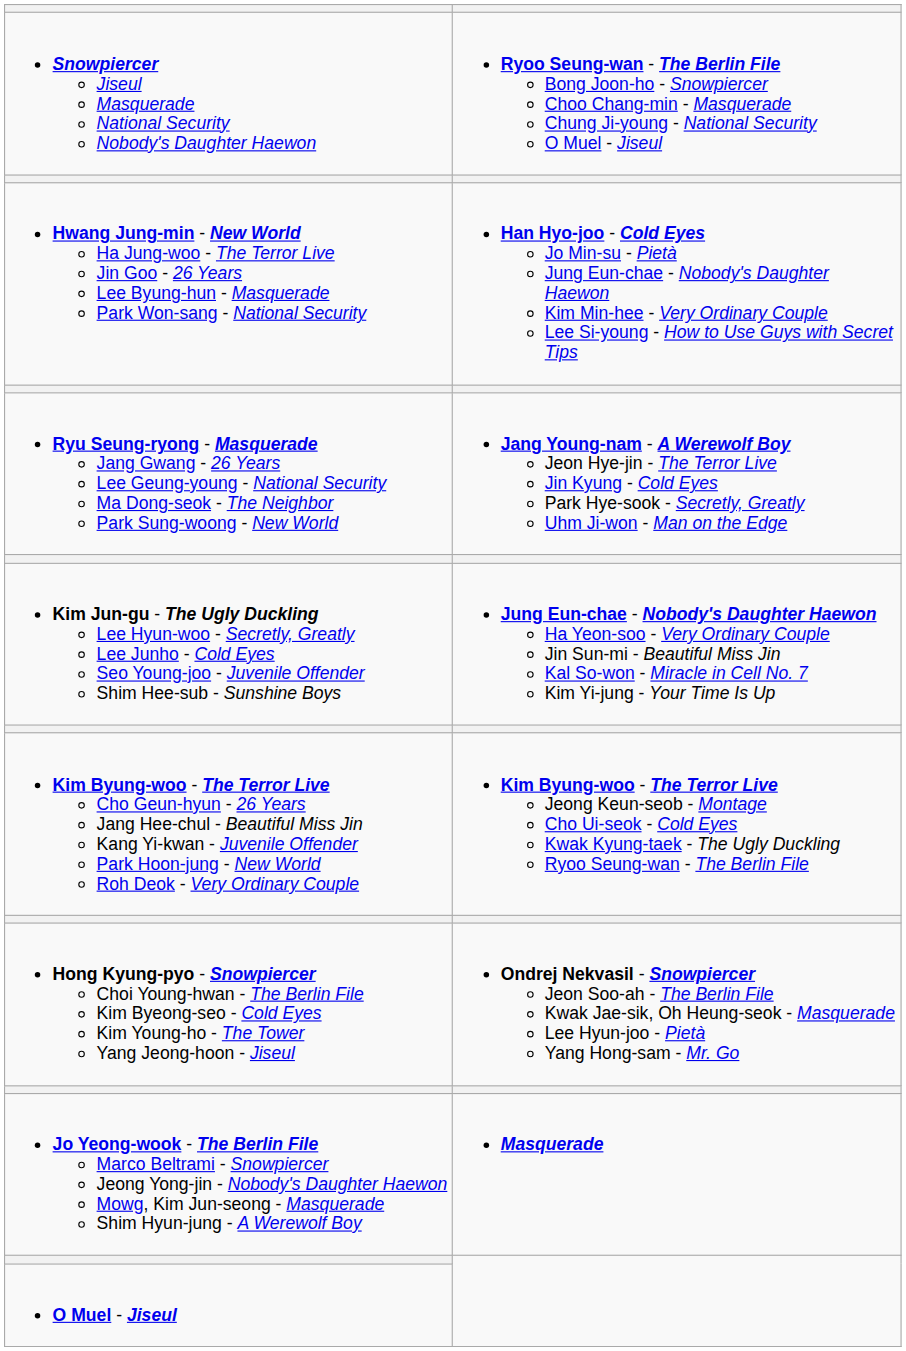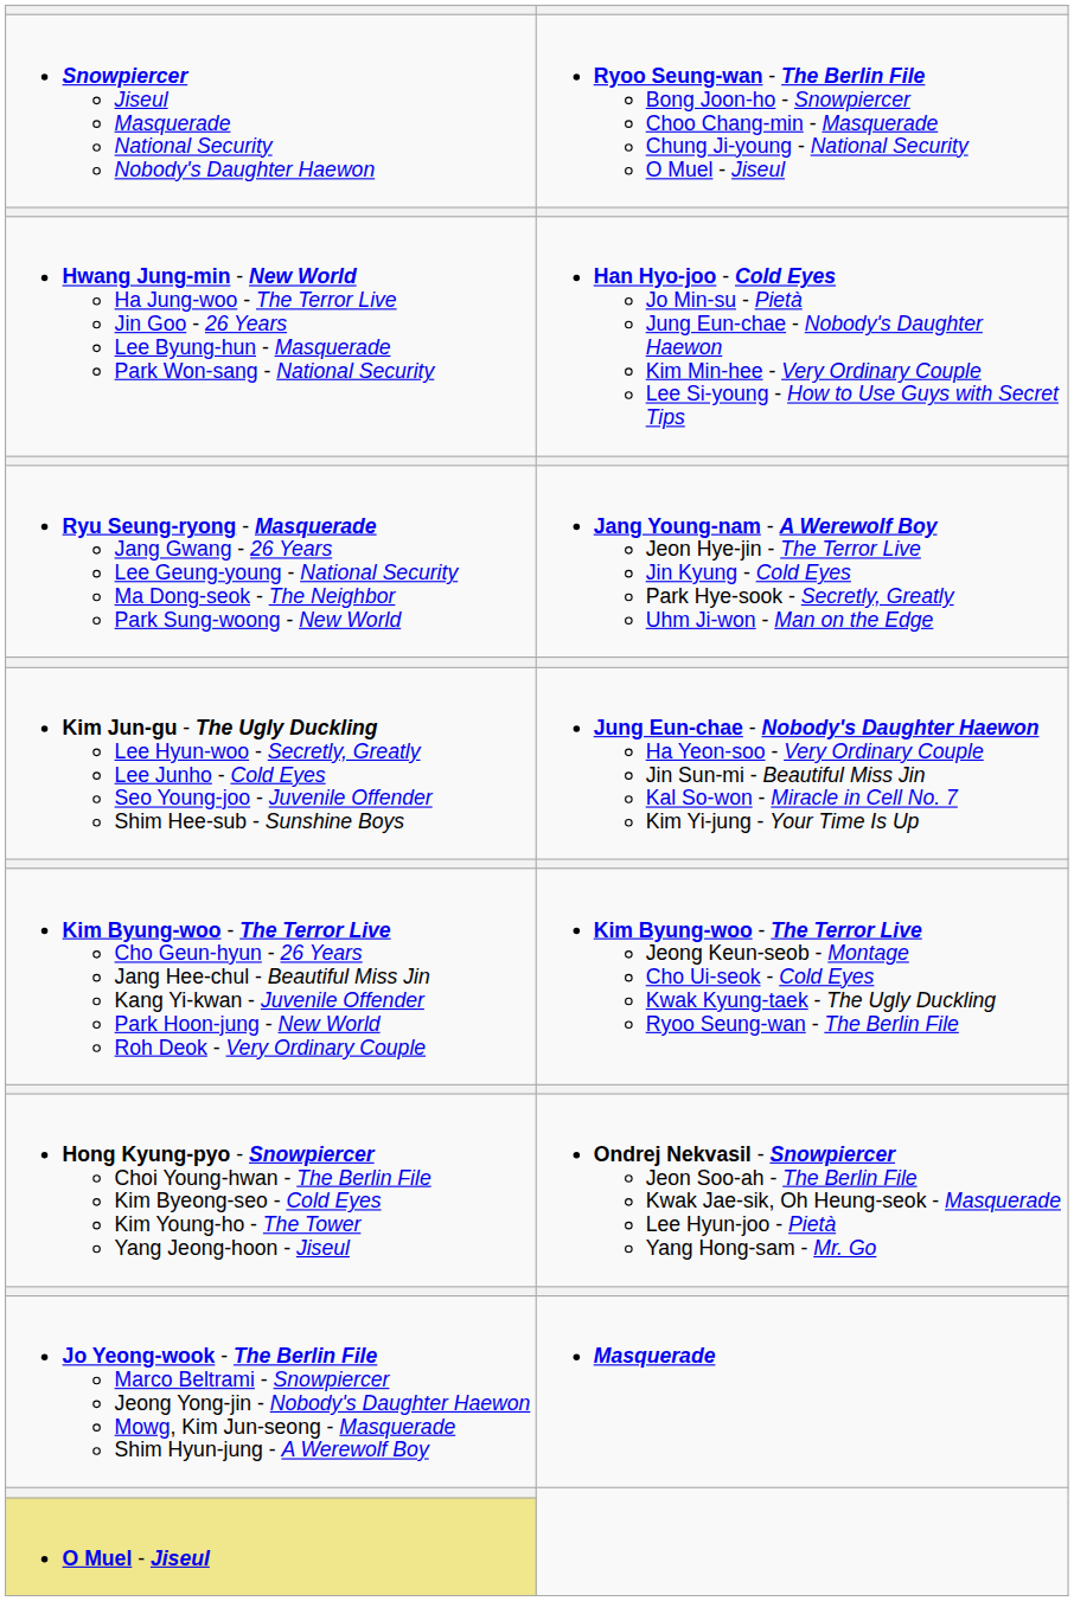 <table class="wikitable">
 <tr>
 <th style="width:400px;"></th>
 <th style="width:400px;"></th>
 </tr>
 <tr>
 <td valign="top"><br><ul><li><strong><em><a href='#'>Snowpiercer</a></em></strong><ul><li><em><a href='#'>Jiseul</a></em></li><li><em><a href='#'>Masquerade</a></em></li><li><em><a href='#'>National Security</a></em></li><li><em><a href='#'>Nobody's Daughter Haewon</a></em></li></ul></li></ul></td>
 <td valign="top"><br><ul><li><strong><a href='#'>Ryoo Seung-wan</a></strong> - <strong><em><a href='#'>The Berlin File</a></em></strong><ul><li><a href='#'>Bong Joon-ho</a> - <em><a href='#'>Snowpiercer</a></em></li><li><a href='#'>Choo Chang-min</a> - <em><a href='#'>Masquerade</a></em></li><li><a href='#'>Chung Ji-young</a> - <em><a href='#'>National Security</a></em></li><li><a href='#'>O Muel</a> - <em><a href='#'>Jiseul</a></em></li></ul></li></ul></td>
 </tr>
 <tr>
 <th></th>
 <th></th>
 </tr>
 <tr>
 <td valign="top"><br><ul><li><strong><a href='#'>Hwang Jung-min</a></strong> - <strong><em><a href='#'>New World</a></em></strong><ul><li><a href='#'>Ha Jung-woo</a> - <em><a href='#'>The Terror Live</a></em></li><li><a href='#'>Jin Goo</a> - <em><a href='#'>26 Years</a></em></li><li><a href='#'>Lee Byung-hun</a> - <em><a href='#'>Masquerade</a></em></li><li><a href='#'>Park Won-sang</a> - <em><a href='#'>National Security</a></em></li></ul></li></ul></td>
 <td valign="top"><br><ul><li><strong><a href='#'>Han Hyo-joo</a></strong> - <strong><em><a href='#'>Cold Eyes</a></em></strong><ul><li><a href='#'>Jo Min-su</a> - <em><a href='#'>Pietà</a></em></li><li><a href='#'>Jung Eun-chae</a> - <em><a href='#'>Nobody's Daughter Haewon</a></em></li><li><a href='#'>Kim Min-hee</a> - <em><a href='#'>Very Ordinary Couple</a></em></li><li><a href='#'>Lee Si-young</a> - <em><a href='#'>How to Use Guys with Secret Tips</a></em></li></ul></li></ul></td>
 </tr>
 <tr>
 <th></th>
 <th></th>
 </tr>
 <tr>
 <td valign="top"><br><ul><li><strong><a href='#'>Ryu Seung-ryong</a></strong> - <strong><em><a href='#'>Masquerade</a></em></strong><ul><li><a href='#'>Jang Gwang</a> - <em><a href='#'>26 Years</a></em></li><li><a href='#'>Lee Geung-young</a> - <em><a href='#'>National Security</a></em></li><li><a href='#'>Ma Dong-seok</a> - <em><a href='#'>The Neighbor</a></em></li><li><a href='#'>Park Sung-woong</a> - <em><a href='#'>New World</a></em></li></ul></li></ul></td>
 <td valign="top"><br><ul><li><strong><a href='#'>Jang Young-nam</a></strong> - <strong><em><a href='#'>A Werewolf Boy</a></em></strong><ul><li>Jeon Hye-jin - <em><a href='#'>The Terror Live</a></em></li><li><a href='#'>Jin Kyung</a> - <em><a href='#'>Cold Eyes</a></em></li><li>Park Hye-sook - <em><a href='#'>Secretly, Greatly</a></em></li><li><a href='#'>Uhm Ji-won</a> - <em><a href='#'>Man on the Edge</a></em></li></ul></li></ul></td>
 </tr>
 <tr>
 <th></th>
 <th></th>
 </tr>
 <tr>
 <td valign="top"><br><ul><li><strong>Kim Jun-gu</strong>  - <strong><em>The Ugly Duckling</em></strong><ul><li><a href='#'>Lee Hyun-woo</a> - <em><a href='#'>Secretly, Greatly</a></em></li><li><a href='#'>Lee Junho</a> - <em><a href='#'>Cold Eyes</a></em></li><li><a href='#'>Seo Young-joo</a> - <em><a href='#'>Juvenile Offender</a></em></li><li>Shim Hee-sub  - <em>Sunshine Boys</em></li></ul></li></ul></td>
 <td valign="top"><br><ul><li><strong><a href='#'>Jung Eun-chae</a></strong> - <strong><em><a href='#'>Nobody's Daughter Haewon</a></em></strong><ul><li><a href='#'>Ha Yeon-soo</a> - <em><a href='#'>Very Ordinary Couple</a></em></li><li>Jin Sun-mi - <em>Beautiful Miss Jin</em></li><li><a href='#'>Kal So-won</a>  - <em><a href='#'>Miracle in Cell No. 7</a></em></li><li>Kim Yi-jung - <em>Your Time Is Up</em></li></ul></li></ul></td>
 </tr>
 <tr>
 <th></th>
 <th></th>
 </tr>
 <tr>
 <td valign="top"><br><ul><li><strong><a href='#'>Kim Byung-woo</a></strong>  - <strong><em><a href='#'>The Terror Live</a></em></strong><ul><li><a href='#'>Cho Geun-hyun</a> - <em><a href='#'>26 Years</a></em></li><li>Jang Hee-chul - <em>Beautiful Miss Jin</em></li><li>Kang Yi-kwan - <em><a href='#'>Juvenile Offender</a></em></li><li><a href='#'>Park Hoon-jung</a> - <em><a href='#'>New World</a></em></li><li><a href='#'>Roh Deok</a> - <em><a href='#'>Very Ordinary Couple</a></em></li></ul></li></ul></td>
 <td valign="top"><br><ul><li><strong><a href='#'>Kim Byung-woo</a></strong> - <strong><em><a href='#'>The Terror Live</a></em></strong><ul><li>Jeong Keun-seob - <em><a href='#'>Montage</a></em></li><li><a href='#'>Cho Ui-seok</a> - <em><a href='#'>Cold Eyes</a></em></li><li><a href='#'>Kwak Kyung-taek</a> - <em>The Ugly Duckling</em></li><li><a href='#'>Ryoo Seung-wan</a> - <em><a href='#'>The Berlin File</a></em></li></ul></li></ul></td>
 </tr>
 <tr>
 <th></th>
 <th></th>
 </tr>
 <tr>
 <td valign="top"><br><ul><li><strong>Hong Kyung-pyo</strong> - <strong><em><a href='#'>Snowpiercer</a></em></strong><ul><li>Choi Young-hwan - <em><a href='#'>The Berlin File</a></em></li><li>Kim Byeong-seo - <em><a href='#'>Cold Eyes</a></em></li><li>Kim Young-ho - <em><a href='#'>The Tower</a></em></li><li>Yang Jeong-hoon - <em><a href='#'>Jiseul</a></em></li></ul></li></ul></td>
 <td valign="top"><br><ul><li><strong>Ondrej Nekvasil</strong> - <strong><em><a href='#'>Snowpiercer</a></em></strong><ul><li>Jeon Soo-ah - <em><a href='#'>The Berlin File</a></em></li><li>Kwak Jae-sik, Oh Heung-seok - <em><a href='#'>Masquerade</a></em></li><li>Lee Hyun-joo - <em><a href='#'>Pietà</a></em></li><li>Yang Hong-sam - <em><a href='#'>Mr. Go</a></em></li></ul></li></ul></td>
 </tr>
 <tr>
 <th></th>
 <th></th>
 </tr>
 <tr>
 <td valign="top"><br><ul><li><strong><a href='#'>Jo Yeong-wook</a></strong> - <strong><em><a href='#'>The Berlin File</a></em></strong><ul><li><a href='#'>Marco Beltrami</a> - <em><a href='#'>Snowpiercer</a></em></li><li>Jeong Yong-jin - <em><a href='#'>Nobody's Daughter Haewon</a></em></li><li><a href='#'>Mowg</a>, Kim Jun-seong - <em><a href='#'>Masquerade</a></em></li><li>Shim Hyun-jung - <em><a href='#'>A Werewolf Boy</a></em></li></ul></li></ul></td>
 <td valign="top"><br><ul><li><strong><em><a href='#'>Masquerade</a></em></strong></li></ul></td>
 </tr>
 <tr>
 <th></th>
 </tr>
 <tr>
-<td valign="top"><br><ul><li><strong><a href='#'>O Muel</a></strong> - <strong><em><a href='#'>Jiseul</a></em></strong></li></ul></td>
+<td valign="top" style="background: khaki;"><br><ul><li><strong><a href='#'>O Muel</a></strong> - <strong><em><a href='#'>Jiseul</a></em></strong></li></ul></td>
 </tr>
 </table>
